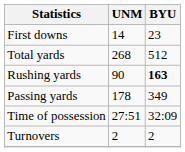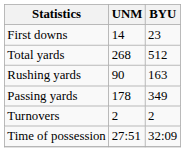 <table class="wikitable">
 <tr>
 <th>Statistics</th>
 <th>UNM</th>
 <th>BYU</th>
 </tr>
 <tr>
 <td>First downs</td>
 <td>14</td>
 <td>23</td>
 </tr>
 <tr>
 <td>Total yards</td>
 <td>268</td>
 <td>512</td>
 </tr>
 <tr>
 <td>Rushing yards</td>
 <td>90</td>
-<td><strong>163</strong></td>
+<td>163</td>
 </tr>
 <tr>
 <td>Passing yards</td>
 <td>178</td>
 <td>349</td>
 </tr>
 <tr>
+<td>Turnovers</td>
+<td>2</td>
+<td>2</td>
+</tr>
+<tr>
 <td>Time of possession</td>
 <td>27:51</td>
 <td>32:09</td>
 </tr>
 <tr>
-<td>Turnovers</td>
-<td>2</td>
-<td>2</td>
-</tr>
-<tr>
 </tr>
 </table>
